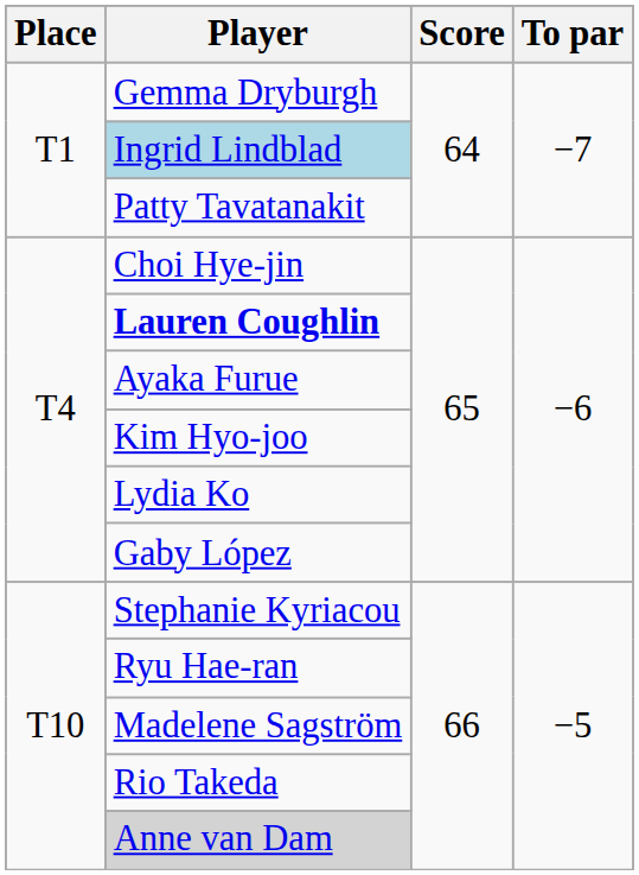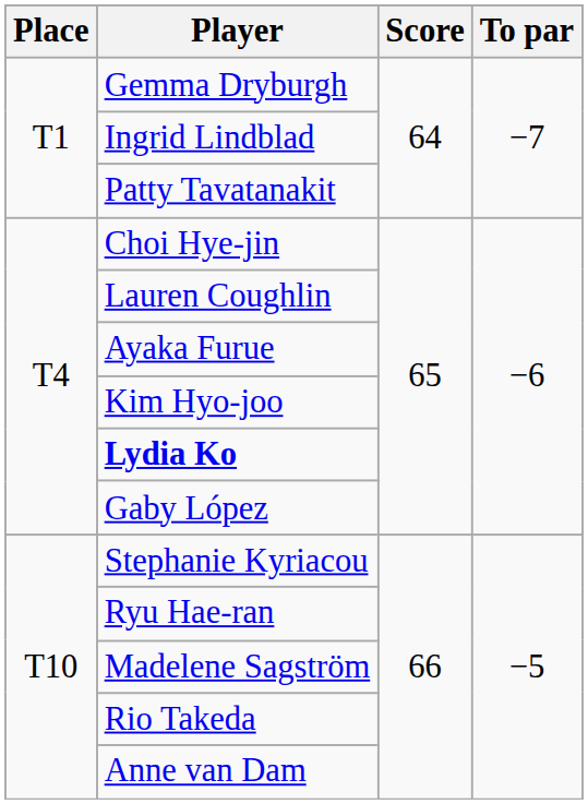 <table class="wikitable">
 <tr>
 <th>Place</th>
 <th>Player</th>
 <th>Score</th>
 <th>To par</th>
 </tr>
 <tr>
 <td rowspan=3 align=center>T1</td>
 <td> <a href='#'>Gemma Dryburgh</a></td>
 <td rowspan=3 align=center>64</td>
 <td rowspan=3 align=center>−7</td>
 </tr>
 <tr>
-<td style="background: lightblue;"> <a href='#'>Ingrid Lindblad</a></td>
+<td> <a href='#'>Ingrid Lindblad</a></td>
 </tr>
 <tr>
 <td> <a href='#'>Patty Tavatanakit</a></td>
 </tr>
 <tr>
 <td rowspan=6 align=center>T4</td>
 <td> <a href='#'>Choi Hye-jin</a></td>
 <td rowspan=6 align=center>65</td>
 <td rowspan=6 align=center>−6</td>
 </tr>
 <tr>
-<td><strong> <a href='#'>Lauren Coughlin</a></strong></td>
+<td> <a href='#'>Lauren Coughlin</a></td>
 </tr>
 <tr>
 <td> <a href='#'>Ayaka Furue</a></td>
 </tr>
 <tr>
 <td> <a href='#'>Kim Hyo-joo</a></td>
 </tr>
 <tr>
-<td> <a href='#'>Lydia Ko</a></td>
+<td><strong> <a href='#'>Lydia Ko</a></strong></td>
 </tr>
 <tr>
 <td> <a href='#'>Gaby López</a></td>
 </tr>
 <tr>
 <td rowspan=5 align=center>T10</td>
 <td> <a href='#'>Stephanie Kyriacou</a></td>
 <td rowspan=5 align=center>66</td>
 <td rowspan=5 align=center>−5</td>
 </tr>
 <tr>
 <td> <a href='#'>Ryu Hae-ran</a></td>
 </tr>
 <tr>
 <td> <a href='#'>Madelene Sagström</a></td>
 </tr>
 <tr>
 <td> <a href='#'>Rio Takeda</a></td>
 </tr>
 <tr>
-<td style="background: lightgrey;"> <a href='#'>Anne van Dam</a></td>
+<td> <a href='#'>Anne van Dam</a></td>
 </tr>
 </table>
